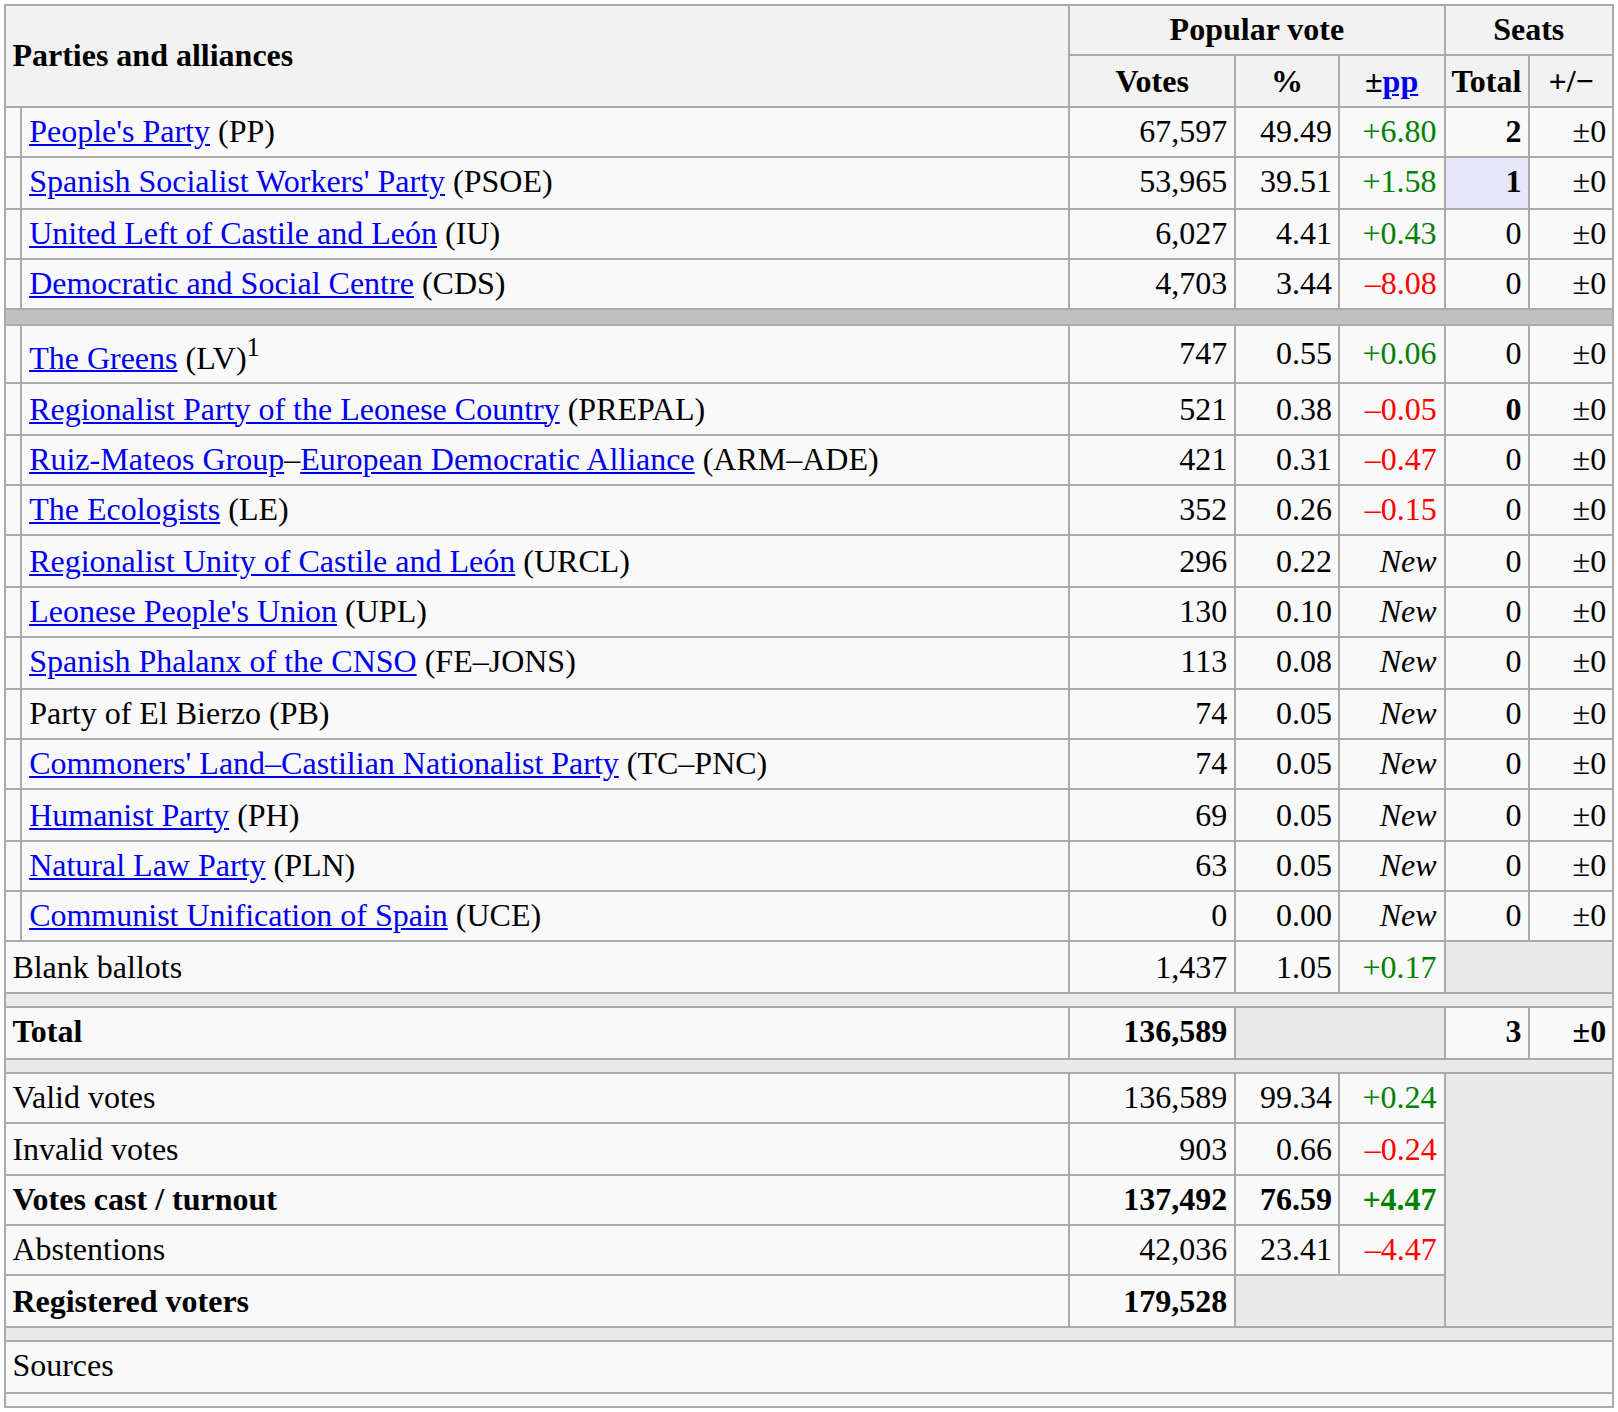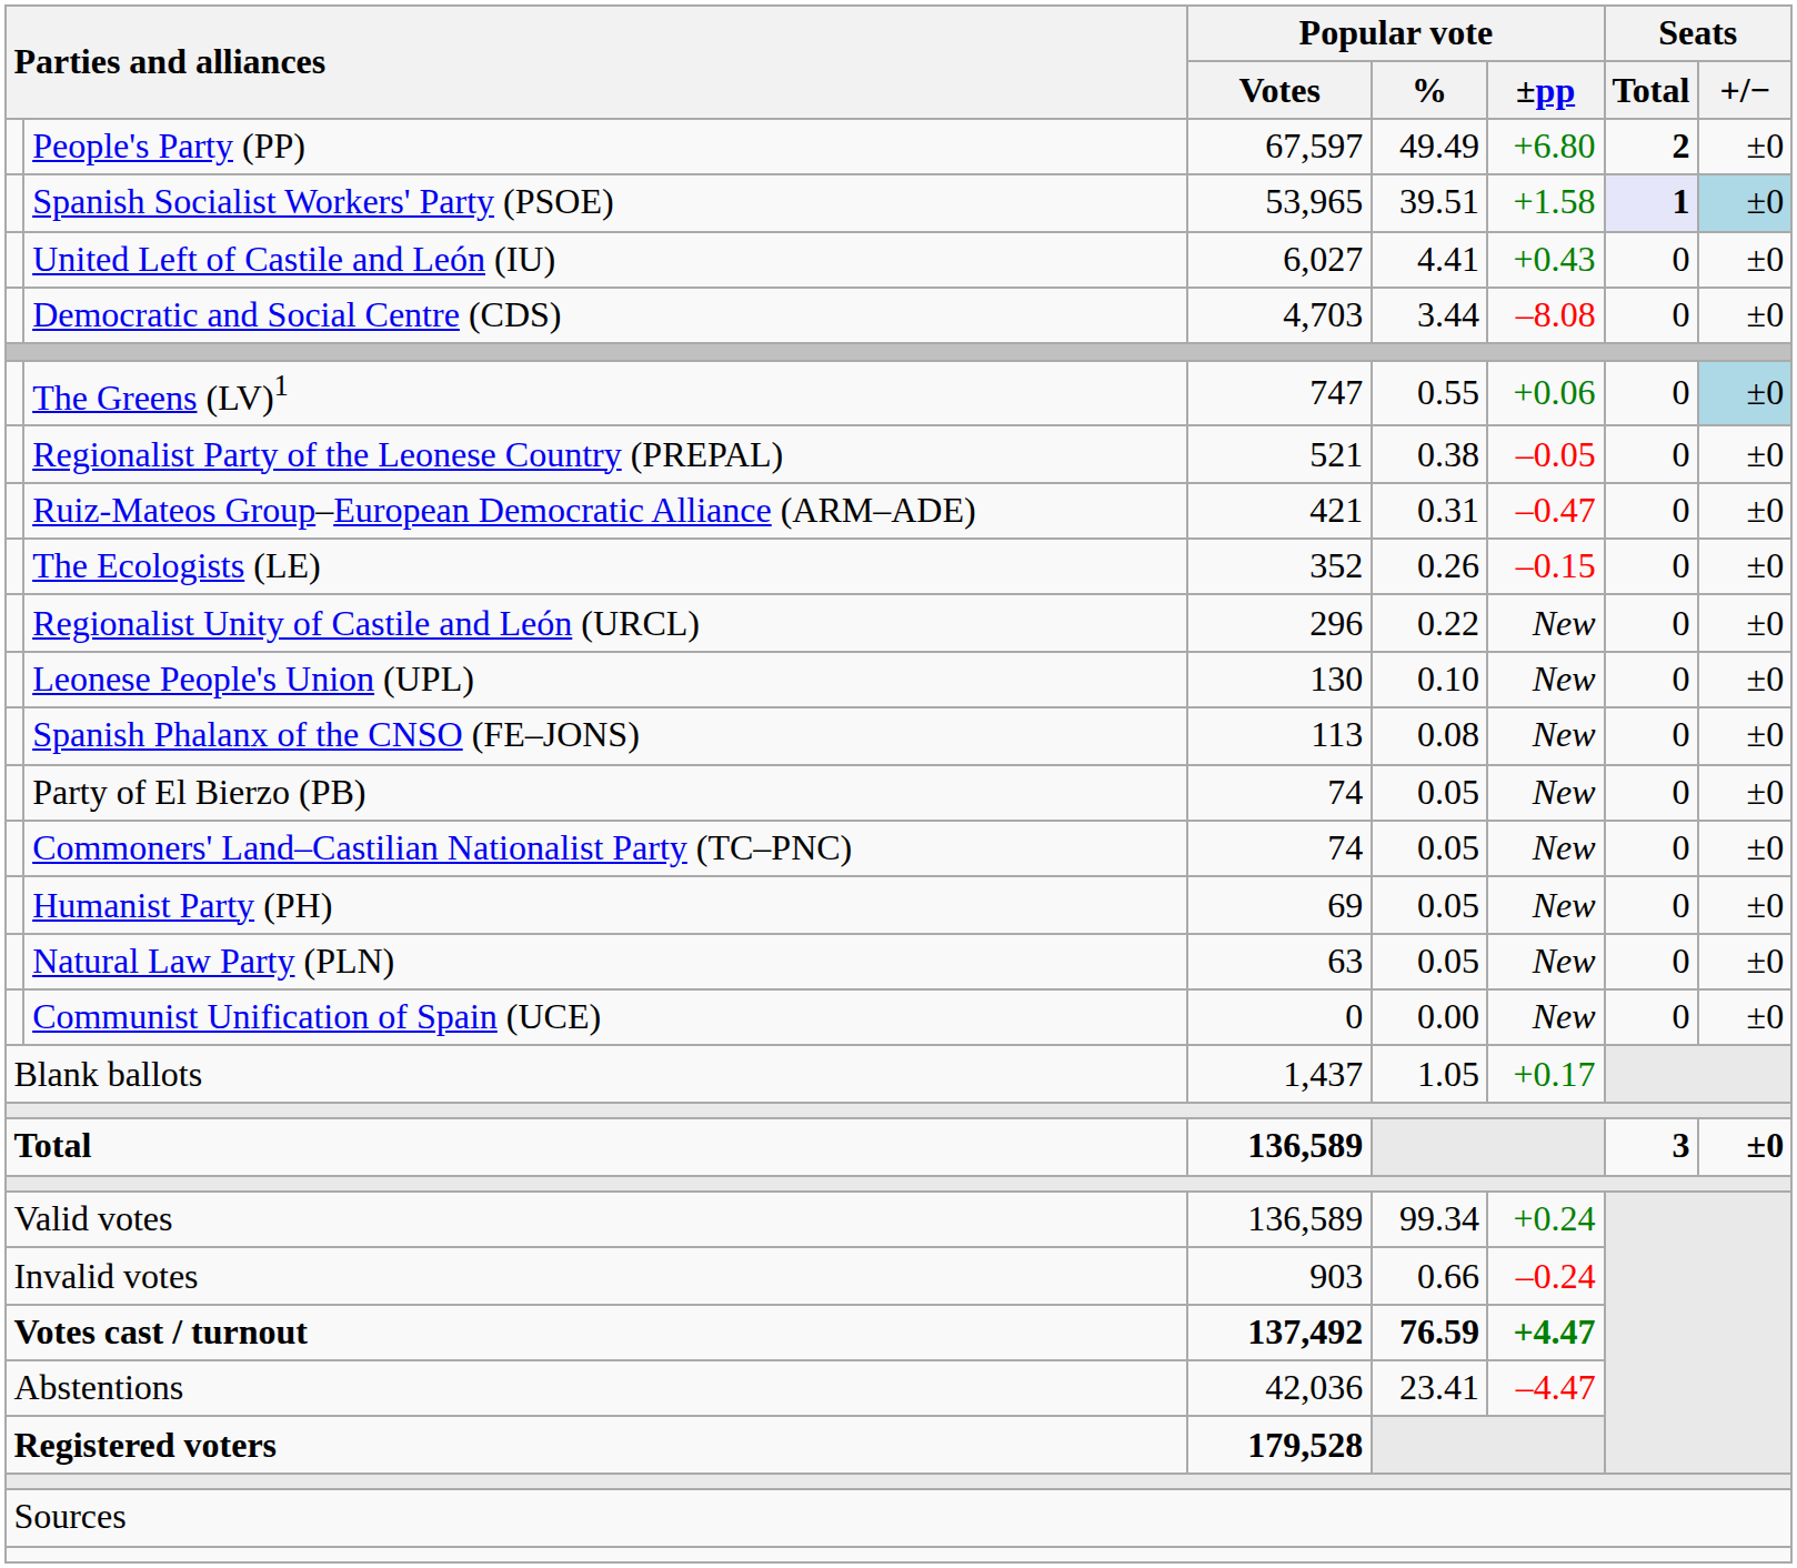 <table class="wikitable" style="text-align:right;">
 <tr>
 <th style="text-align:left;" rowspan="2" colspan="2" width="525">Parties and alliances</th>
 <th colspan="3">Popular vote</th>
 <th colspan="2">Seats</th>
 </tr>
 <tr>
 <th width="75">Votes</th>
 <th width="45">%</th>
 <th width="45">±<a href='#'>pp</a></th>
 <th width="35">Total</th>
 <th width="35">+/−</th>
 </tr>
 <tr>
 <td width="1" style="color:inherit;background:"></td>
 <td align="left"><a href='#'>People's Party</a> (PP)</td>
 <td>67,597</td>
 <td>49.49</td>
 <td style="color:green;">+6.80</td>
 <td><strong>2</strong></td>
 <td>±0</td>
 </tr>
 <tr>
 <td style="color:inherit;background:"></td>
 <td align="left"><a href='#'>Spanish Socialist Workers' Party</a> (PSOE)</td>
 <td>53,965</td>
 <td>39.51</td>
 <td style="color:green;">+1.58</td>
 <td style="background: lavender;"><strong>1</strong></td>
-<td>±0</td>
+<td style="background: lightblue;">±0</td>
 </tr>
 <tr>
 <td style="color:inherit;background:"></td>
 <td align="left"><a href='#'>United Left of Castile and León</a> (IU)</td>
 <td>6,027</td>
 <td>4.41</td>
 <td style="color:green;">+0.43</td>
 <td>0</td>
 <td>±0</td>
 </tr>
 <tr>
 <td style="color:inherit;background:"></td>
 <td align="left"><a href='#'>Democratic and Social Centre</a> (CDS)</td>
 <td>4,703</td>
 <td>3.44</td>
 <td style="color:red;">–8.08</td>
 <td>0</td>
 <td>±0</td>
 </tr>
 <tr>
 <td colspan="7" bgcolor="#C0C0C0"></td>
 </tr>
 <tr>
 <td style="color:inherit;background:"></td>
 <td align="left"><a href='#'>The Greens</a> (LV)<sup>1</sup></td>
 <td>747</td>
 <td>0.55</td>
 <td style="color:green;">+0.06</td>
 <td>0</td>
-<td>±0</td>
+<td style="background: lightblue;">±0</td>
 </tr>
 <tr>
 <td style="color:inherit;background:"></td>
 <td align="left"><a href='#'>Regionalist Party of the Leonese Country</a> (PREPAL)</td>
 <td>521</td>
 <td>0.38</td>
 <td style="color:red;">–0.05</td>
-<td><strong>0</strong></td>
+<td>0</td>
 <td>±0</td>
 </tr>
 <tr>
 <td style="color:inherit;background:"></td>
 <td align="left"><a href='#'>Ruiz-Mateos Group</a>–<a href='#'>European Democratic Alliance</a> (ARM–ADE)</td>
 <td>421</td>
 <td>0.31</td>
 <td style="color:red;">–0.47</td>
 <td>0</td>
 <td>±0</td>
 </tr>
 <tr>
 <td style="color:inherit;background:"></td>
 <td align="left"><a href='#'>The Ecologists</a> (LE)</td>
 <td>352</td>
 <td>0.26</td>
 <td style="color:red;">–0.15</td>
 <td>0</td>
 <td>±0</td>
 </tr>
 <tr>
 <td style="color:inherit;background:"></td>
 <td align="left"><a href='#'>Regionalist Unity of Castile and León</a> (URCL)</td>
 <td>296</td>
 <td>0.22</td>
 <td><em>New</em></td>
 <td>0</td>
 <td>±0</td>
 </tr>
 <tr>
 <td style="color:inherit;background:"></td>
 <td align="left"><a href='#'>Leonese People's Union</a> (UPL)</td>
 <td>130</td>
 <td>0.10</td>
 <td><em>New</em></td>
 <td>0</td>
 <td>±0</td>
 </tr>
 <tr>
 <td style="color:inherit;background:"></td>
 <td align="left"><a href='#'>Spanish Phalanx of the CNSO</a> (FE–JONS)</td>
 <td>113</td>
 <td>0.08</td>
 <td><em>New</em></td>
 <td>0</td>
 <td>±0</td>
 </tr>
 <tr>
 <td style="color:inherit;background:"></td>
 <td align="left">Party of El Bierzo (PB)</td>
 <td>74</td>
 <td>0.05</td>
 <td><em>New</em></td>
 <td>0</td>
 <td>±0</td>
 </tr>
 <tr>
 <td style="color:inherit;background:"></td>
 <td align="left"><a href='#'>Commoners' Land–Castilian Nationalist Party</a> (TC–PNC)</td>
 <td>74</td>
 <td>0.05</td>
 <td><em>New</em></td>
 <td>0</td>
 <td>±0</td>
 </tr>
 <tr>
 <td style="color:inherit;background:"></td>
 <td align="left"><a href='#'>Humanist Party</a> (PH)</td>
 <td>69</td>
 <td>0.05</td>
 <td><em>New</em></td>
 <td>0</td>
 <td>±0</td>
 </tr>
 <tr>
 <td style="color:inherit;background:"></td>
 <td align="left"><a href='#'>Natural Law Party</a> (PLN)</td>
 <td>63</td>
 <td>0.05</td>
 <td><em>New</em></td>
 <td>0</td>
 <td>±0</td>
 </tr>
 <tr>
 <td style="color:inherit;background:"></td>
 <td align="left"><a href='#'>Communist Unification of Spain</a> (UCE)</td>
 <td>0</td>
 <td>0.00</td>
 <td><em>New</em></td>
 <td>0</td>
 <td>±0</td>
 </tr>
 <tr>
 <td align="left" colspan="2">Blank ballots</td>
 <td>1,437</td>
 <td>1.05</td>
 <td style="color:green;">+0.17</td>
 <td bgcolor="#E9E9E9" colspan="2"></td>
 </tr>
 <tr>
 <td colspan="7" bgcolor="#E9E9E9"></td>
 </tr>
 <tr style="font-weight:bold;">
 <td align="left" colspan="2">Total</td>
 <td>136,589</td>
 <td bgcolor="#E9E9E9" colspan="2"></td>
 <td>3</td>
 <td>±0</td>
 </tr>
 <tr>
 <td colspan="7" bgcolor="#E9E9E9"></td>
 </tr>
 <tr>
 <td align="left" colspan="2">Valid votes</td>
 <td>136,589</td>
 <td>99.34</td>
 <td style="color:green;">+0.24</td>
 <td bgcolor="#E9E9E9" colspan="2" rowspan="5"></td>
 </tr>
 <tr>
 <td align="left" colspan="2">Invalid votes</td>
 <td>903</td>
 <td>0.66</td>
 <td style="color:red;">–0.24</td>
 </tr>
 <tr style="font-weight:bold;">
 <td align="left" colspan="2">Votes cast / turnout</td>
 <td>137,492</td>
 <td>76.59</td>
 <td style="color:green;">+4.47</td>
 </tr>
 <tr>
 <td align="left" colspan="2">Abstentions</td>
 <td>42,036</td>
 <td>23.41</td>
 <td style="color:red;">–4.47</td>
 </tr>
 <tr style="font-weight:bold;">
 <td align="left" colspan="2">Registered voters</td>
 <td>179,528</td>
 <td bgcolor="#E9E9E9" colspan="2"></td>
 </tr>
 <tr>
 <td colspan="7" bgcolor="#E9E9E9"></td>
 </tr>
 <tr>
 <td align="left" colspan="7">Sources</td>
 </tr>
 <tr>
 <td colspan="7" style="text-align:left; max-width:790px;"></td>
 </tr>
 </table>
